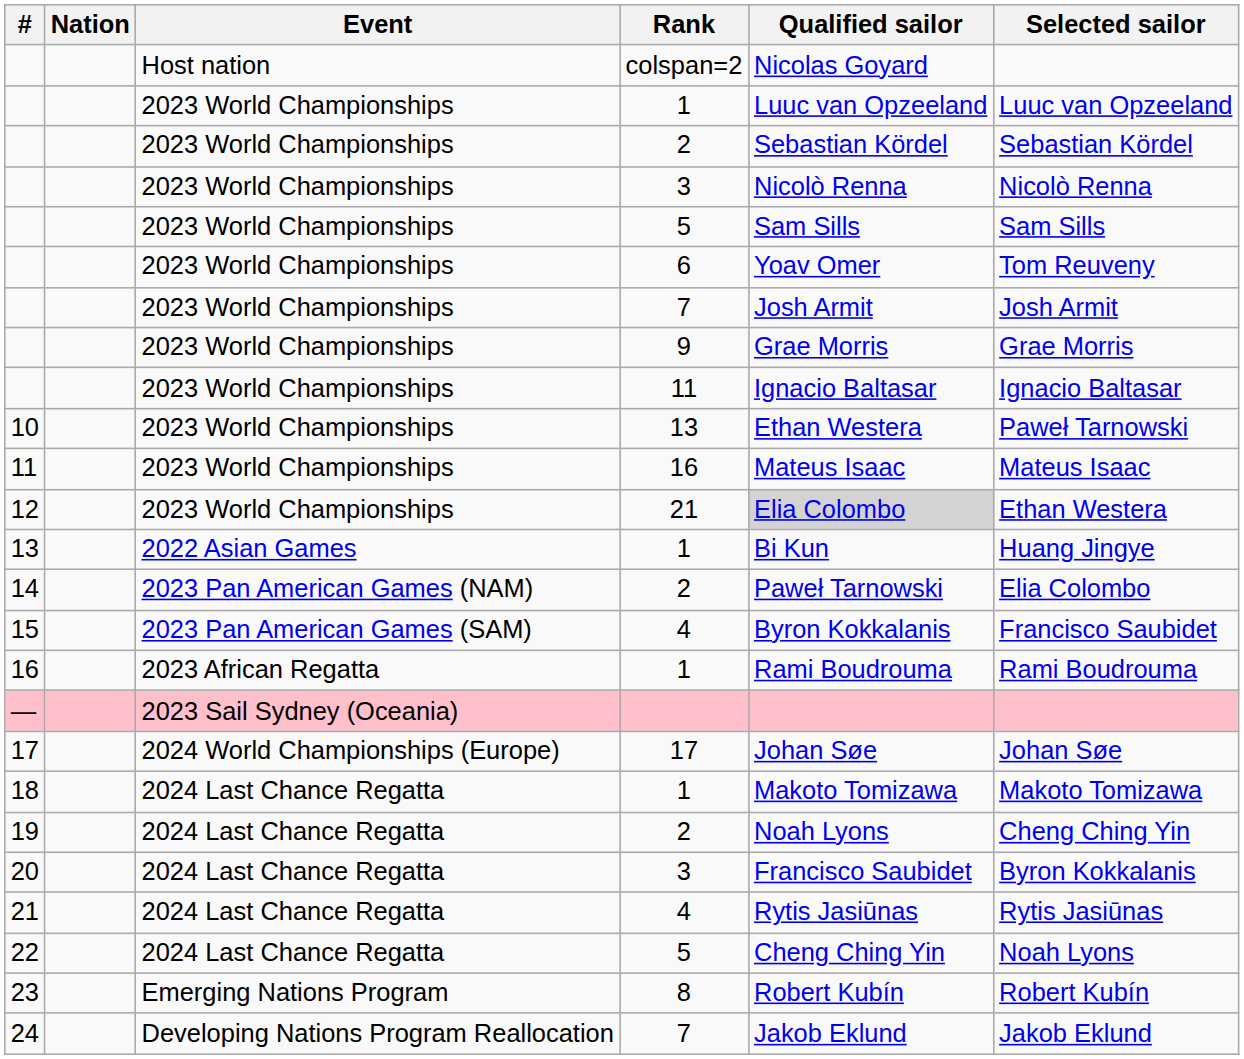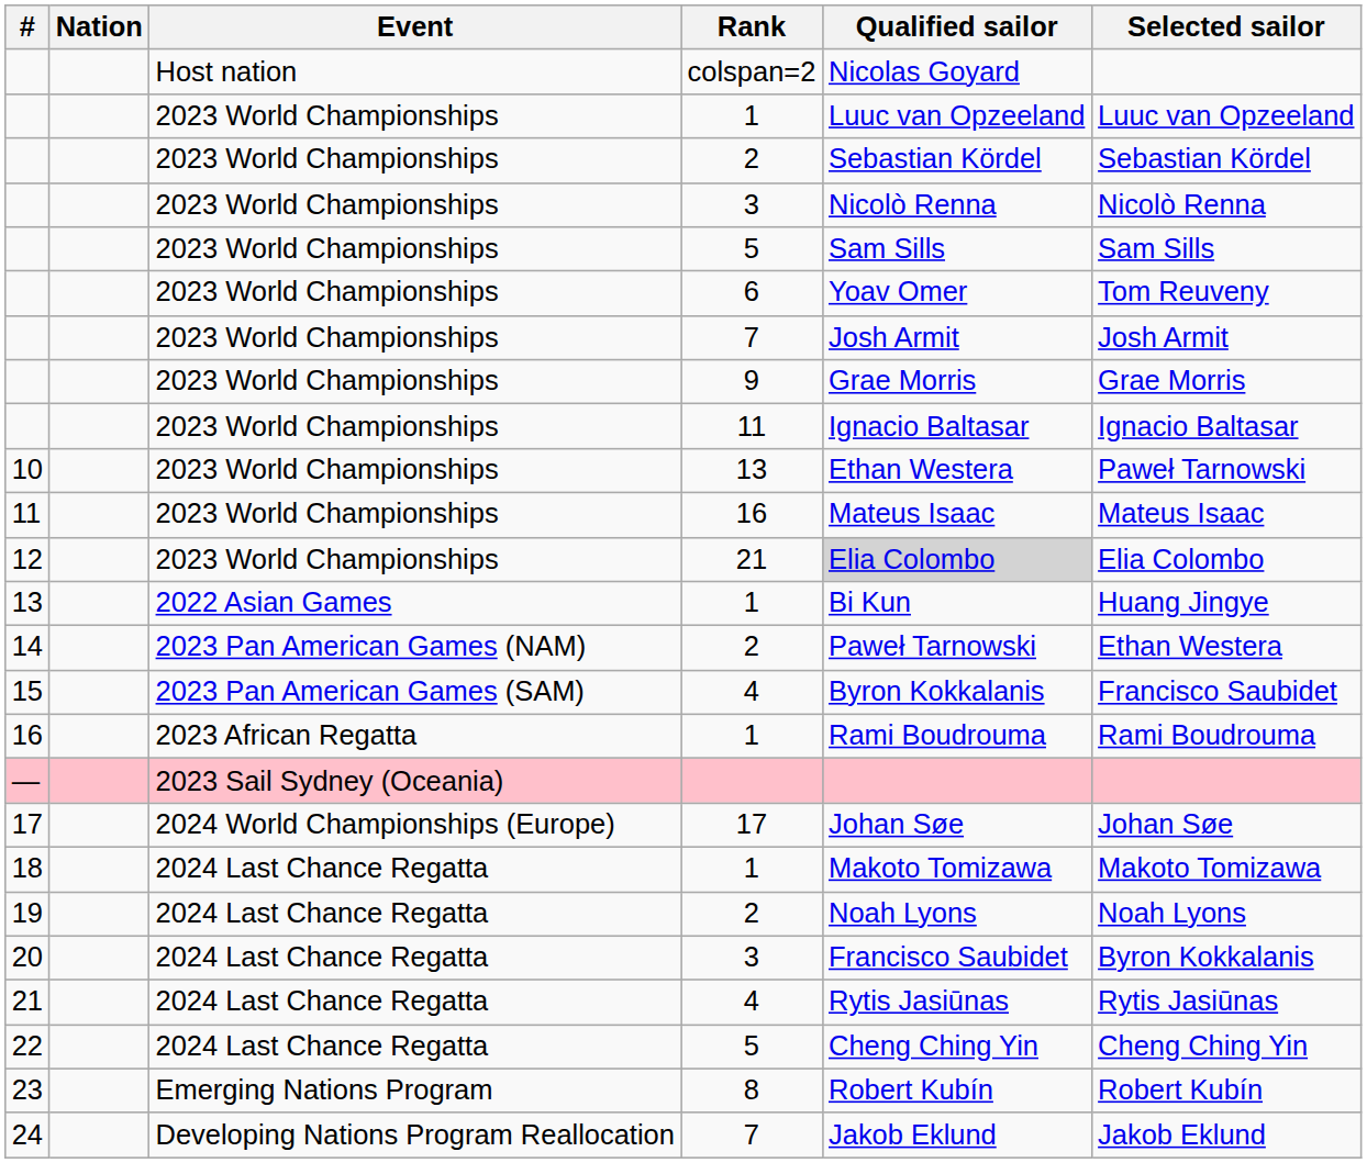 <table class="sortable wikitable">
 <tr>
 <th>#</th>
 <th>Nation</th>
 <th>Event</th>
 <th>Rank</th>
 <th>Qualified sailor</th>
 <th>Selected sailor</th>
 </tr>
 <tr>
 <td></td>
 <td></td>
 <td>Host nation</td>
 <td>colspan=2 </td>
 <td><a href='#'>Nicolas Goyard</a></td>
 </tr>
 <tr>
 <td></td>
 <td></td>
 <td>2023 World Championships</td>
 <td align=center>1</td>
 <td><a href='#'>Luuc van Opzeeland</a></td>
 <td><a href='#'>Luuc van Opzeeland</a></td>
 </tr>
 <tr>
 <td></td>
 <td></td>
 <td>2023 World Championships</td>
 <td align=center>2</td>
 <td><a href='#'>Sebastian Kördel</a></td>
 <td><a href='#'>Sebastian Kördel</a></td>
 </tr>
 <tr>
 <td></td>
 <td></td>
 <td>2023 World Championships</td>
 <td align=center>3</td>
 <td><a href='#'>Nicolò Renna</a></td>
 <td><a href='#'>Nicolò Renna</a></td>
 </tr>
 <tr>
 <td></td>
 <td></td>
 <td>2023 World Championships</td>
 <td align=center>5</td>
 <td><a href='#'>Sam Sills</a></td>
 <td><a href='#'>Sam Sills</a></td>
 </tr>
 <tr>
 <td></td>
 <td></td>
 <td>2023 World Championships</td>
 <td align=center>6</td>
 <td><a href='#'>Yoav Omer</a></td>
 <td><a href='#'>Tom Reuveny</a></td>
 </tr>
 <tr>
 <td></td>
 <td></td>
 <td>2023 World Championships</td>
 <td align=center>7</td>
 <td><a href='#'>Josh Armit</a></td>
 <td><a href='#'>Josh Armit</a></td>
 </tr>
 <tr>
 <td></td>
 <td></td>
 <td>2023 World Championships</td>
 <td align=center>9</td>
 <td><a href='#'>Grae Morris</a></td>
 <td><a href='#'>Grae Morris</a></td>
 </tr>
 <tr>
 <td></td>
 <td></td>
 <td>2023 World Championships</td>
 <td align=center>11</td>
 <td><a href='#'>Ignacio Baltasar</a></td>
 <td><a href='#'>Ignacio Baltasar</a></td>
 </tr>
 <tr>
 <td>10</td>
 <td></td>
 <td>2023 World Championships</td>
 <td align=center>13</td>
 <td><a href='#'>Ethan Westera</a></td>
 <td><a href='#'>Paweł Tarnowski</a></td>
 </tr>
 <tr>
 <td>11</td>
 <td></td>
 <td>2023 World Championships</td>
 <td align=center>16</td>
 <td><a href='#'>Mateus Isaac</a></td>
 <td><a href='#'>Mateus Isaac</a></td>
 </tr>
 <tr>
 <td>12</td>
 <td></td>
 <td>2023 World Championships</td>
 <td align=center>21</td>
 <td style="background: lightgrey;"><a href='#'>Elia Colombo</a></td>
-<td><a href='#'>Ethan Westera</a></td>
+<td><a href='#'>Elia Colombo</a></td>
 </tr>
 <tr>
 <td>13</td>
 <td></td>
 <td><a href='#'>2022 Asian Games</a></td>
 <td align=center>1</td>
 <td><a href='#'>Bi Kun</a></td>
 <td><a href='#'>Huang Jingye</a></td>
 </tr>
 <tr>
 <td>14</td>
 <td></td>
 <td><a href='#'>2023 Pan American Games</a> (NAM)</td>
 <td align=center>2</td>
 <td><a href='#'>Paweł Tarnowski</a></td>
-<td><a href='#'>Elia Colombo</a></td>
+<td><a href='#'>Ethan Westera</a></td>
 </tr>
 <tr>
 <td>15</td>
 <td></td>
 <td><a href='#'>2023 Pan American Games</a> (SAM)</td>
 <td align=center>4</td>
 <td><a href='#'>Byron Kokkalanis</a></td>
 <td><a href='#'>Francisco Saubidet</a></td>
 </tr>
 <tr>
 <td>16</td>
 <td></td>
 <td>2023 African Regatta</td>
 <td align=center>1</td>
 <td><a href='#'>Rami Boudrouma</a></td>
 <td><a href='#'>Rami Boudrouma</a></td>
 </tr>
 <tr style="background:pink;">
 <td>—</td>
 <td></td>
 <td>2023 Sail Sydney (Oceania)</td>
 <td></td>
 <td></td>
 <td></td>
 </tr>
 <tr>
 <td>17</td>
 <td></td>
 <td>2024 World Championships (Europe)</td>
 <td align=center>17</td>
 <td><a href='#'>Johan Søe</a></td>
 <td><a href='#'>Johan Søe</a></td>
 </tr>
 <tr>
 <td>18</td>
 <td></td>
 <td>2024 Last Chance Regatta</td>
 <td align=center>1</td>
 <td><a href='#'>Makoto Tomizawa</a></td>
 <td><a href='#'>Makoto Tomizawa</a></td>
 </tr>
 <tr>
 <td>19</td>
 <td></td>
 <td>2024 Last Chance Regatta</td>
 <td align=center>2</td>
 <td><a href='#'>Noah Lyons</a></td>
-<td><a href='#'>Cheng Ching Yin</a></td>
+<td><a href='#'>Noah Lyons</a></td>
 </tr>
 <tr>
 <td>20</td>
 <td></td>
 <td>2024 Last Chance Regatta</td>
 <td align=center>3</td>
 <td><a href='#'>Francisco Saubidet</a></td>
 <td><a href='#'>Byron Kokkalanis</a></td>
 </tr>
 <tr>
 <td>21</td>
 <td></td>
 <td>2024 Last Chance Regatta</td>
 <td align=center>4</td>
 <td><a href='#'>Rytis Jasiūnas</a></td>
 <td><a href='#'>Rytis Jasiūnas</a></td>
 </tr>
 <tr>
 <td>22</td>
 <td></td>
 <td>2024 Last Chance Regatta</td>
 <td align=center>5</td>
 <td><a href='#'>Cheng Ching Yin</a></td>
-<td><a href='#'>Noah Lyons</a></td>
+<td><a href='#'>Cheng Ching Yin</a></td>
 </tr>
 <tr>
 <td>23</td>
 <td></td>
 <td>Emerging Nations Program</td>
 <td align=center>8</td>
 <td><a href='#'>Robert Kubín</a></td>
 <td><a href='#'>Robert Kubín</a></td>
 </tr>
 <tr>
 <td>24</td>
 <td></td>
 <td>Developing Nations Program Reallocation</td>
 <td align=center>7</td>
 <td><a href='#'>Jakob Eklund</a></td>
 <td><a href='#'>Jakob Eklund</a></td>
 </tr>
 </table>
